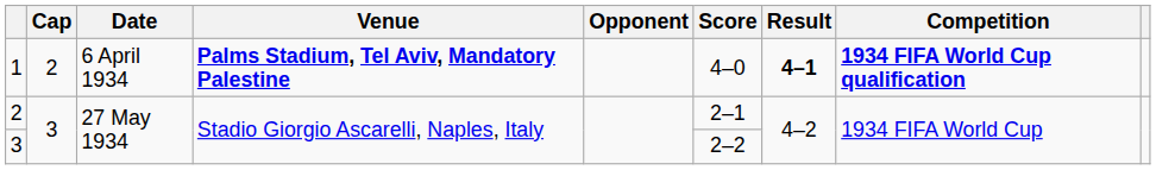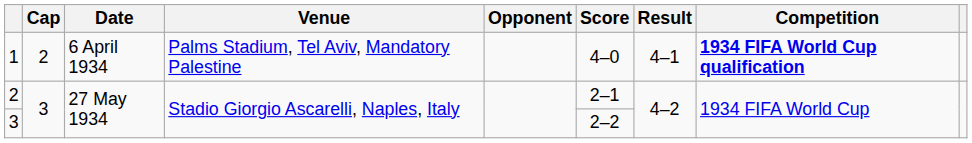 <table class="wikitable sortable">
 <tr>
 <th scope="col"></th>
 <th>Cap</th>
 <th scope="col">Date</th>
 <th scope="col">Venue</th>
 <th scope="col">Opponent</th>
 <th scope="col">Score</th>
 <th scope="col">Result</th>
 <th scope="col">Competition</th>
 <th class="unsortable" scope="col"></th>
 </tr>
 <tr>
 <td align="center">1</td>
 <td align="center">2</td>
 <td>6 April 1934</td>
-<td><strong><a href='#'>Palms Stadium</a>, <a href='#'>Tel Aviv</a>, <a href='#'>Mandatory Palestine</a></strong></td>
+<td><a href='#'>Palms Stadium</a>, <a href='#'>Tel Aviv</a>, <a href='#'>Mandatory Palestine</a></td>
 <td></td>
 <td align="center">4–0</td>
-<td align="center"><strong>4–1</strong></td>
+<td align="center">4–1</td>
 <td><strong><a href='#'>1934 FIFA World Cup qualification</a></strong></td>
 <td align="center"></td>
 </tr>
 <tr>
 <td align="center">2</td>
 <td rowspan="2" align="center">3</td>
 <td rowspan="2">27 May 1934</td>
 <td rowspan="2"><a href='#'>Stadio Giorgio Ascarelli</a>, <a href='#'>Naples</a>, <a href='#'>Italy</a></td>
 <td rowspan="2"></td>
 <td align="center">2–1</td>
 <td rowspan="2" align="center">4–2</td>
 <td rowspan="2"><a href='#'>1934 FIFA World Cup</a></td>
 <td rowspan="2" align="center"></td>
 </tr>
 <tr>
 <td align="center">3</td>
 <td align="center">2–2</td>
 </tr>
 </table>
